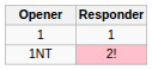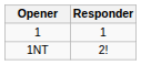 <table class="wikitable" style="float:left; margin-right:15px;">
 <tr>
 <th width=50%>Opener</th>
 <th width=50%>Responder</th>
 </tr>
 <tr align=center>
 <td>1</td>
 <td>1</td>
 </tr>
 <tr align=center>
 <td>1NT</td>
-<td style="background: pink;">2!</td>
+<td>2!</td>
 </tr>
 </table>
